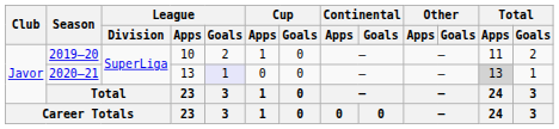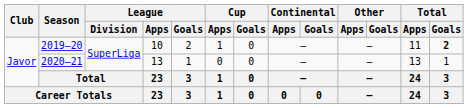 <table class="wikitable" style="text-align: center;font-size:90%">
 <tr>
 <th rowspan="2">Club</th>
 <th rowspan="2">Season</th>
 <th colspan="3">League</th>
 <th colspan="2">Cup</th>
 <th colspan="2">Continental</th>
 <th colspan="2">Other</th>
 <th colspan="2">Total</th>
 </tr>
 <tr>
 <th>Division</th>
 <th>Apps</th>
 <th>Goals</th>
 <th>Apps</th>
 <th>Goals</th>
 <th>Apps</th>
 <th>Goals</th>
 <th>Apps</th>
 <th>Goals</th>
 <th>Apps</th>
 <th>Goals</th>
 </tr>
 <tr>
 <td rowspan="3" valign="center"><a href='#'>Javor</a></td>
 <td><a href='#'>2019–20</a></td>
 <td rowspan=2><a href='#'>SuperLiga</a></td>
 <td>10</td>
 <td>2</td>
 <td>1</td>
 <td>0</td>
 <td colspan="2">—</td>
 <td colspan="2">—</td>
 <td>11</td>
-<td>2</td>
+<td><strong>2</strong></td>
 </tr>
 <tr>
 <td><a href='#'>2020–21</a></td>
 <td>13</td>
-<td style="background: lavender;">1</td>
+<td>1</td>
 <td>0</td>
 <td>0</td>
 <td colspan="2">—</td>
 <td colspan="2">—</td>
-<td style="background: lightgrey;">13</td>
+<td>13</td>
 <td>1</td>
 </tr>
 <tr>
 <th colspan="2">Total</th>
 <th>23</th>
 <th>3</th>
 <th>1</th>
 <th>0</th>
 <th colspan="2">—</th>
 <th colspan="2">—</th>
 <th>24</th>
 <th>3</th>
 </tr>
 <tr>
 <th colspan="3">Career Totals</th>
 <th>23</th>
 <th>3</th>
 <th>1</th>
 <th>0</th>
 <th>0</th>
 <th>0</th>
 <th colspan="2">—</th>
 <th>24</th>
 <th>3</th>
 </tr>
 </table>
